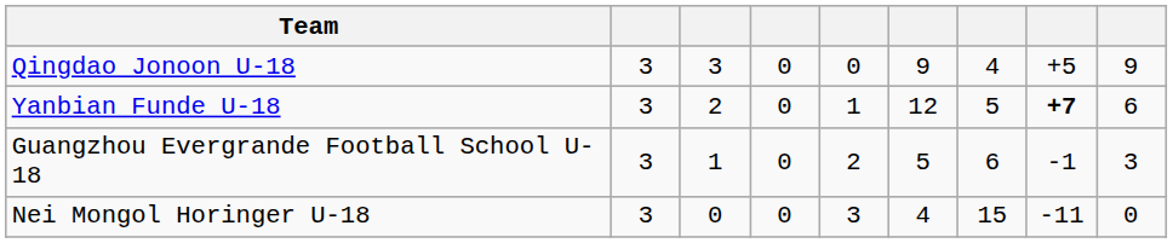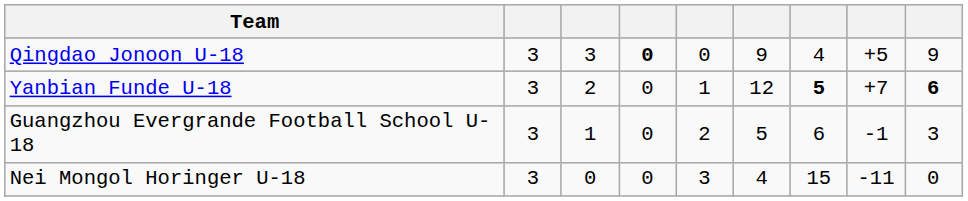 <table class="wikitable" style="text-align:center;">
 <tr>
 <th width=310>Team</th>
 <th width=30></th>
 <th width=30></th>
 <th width=30></th>
 <th width=30></th>
 <th width=30></th>
 <th width=30></th>
 <th width=30></th>
 <th width=30></th>
 </tr>
 <tr style=>
 <td align="left"><a href='#'>Qingdao Jonoon U-18</a></td>
 <td>3</td>
 <td>3</td>
-<td>0</td>
+<td><strong>0</strong></td>
 <td>0</td>
 <td>9</td>
 <td>4</td>
 <td>+5</td>
 <td>9</td>
 </tr>
 <tr style=>
 <td align="left"><a href='#'>Yanbian Funde U-18</a></td>
 <td>3</td>
 <td>2</td>
 <td>0</td>
 <td>1</td>
 <td>12</td>
-<td>5</td>
-<td><strong>+7</strong></td>
-<td>6</td>
+<td><strong>5</strong></td>
+<td>+7</td>
+<td><strong>6</strong></td>
 </tr>
 <tr style=>
 <td align="left">Guangzhou Evergrande Football School U-18</td>
 <td>3</td>
 <td>1</td>
 <td>0</td>
 <td>2</td>
 <td>5</td>
 <td>6</td>
 <td>-1</td>
 <td>3</td>
 </tr>
 <tr style=>
 <td align="left">Nei Mongol Horinger U-18</td>
 <td>3</td>
 <td>0</td>
 <td>0</td>
 <td>3</td>
 <td>4</td>
 <td>15</td>
 <td>-11</td>
 <td>0</td>
 </tr>
 </table>
